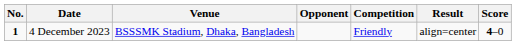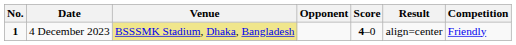 <table class=" wikitable">
 <tr>
 <th>No.</th>
 <th>Date</th>
 <th>Venue</th>
 <th>Opponent</th>
+<th>Score</th>
+<th>Result</th>
 <th>Competition</th>
-<th>Result</th>
-<th>Score</th>
 </tr>
 <tr>
 <td align=center><strong>1</strong></td>
 <td>4 December 2023</td>
-<td><a href='#'>BSSSMK Stadium</a>, <a href='#'>Dhaka</a>, <a href='#'>Bangladesh</a></td>
+<td style="background: khaki;"><a href='#'>BSSSMK Stadium</a>, <a href='#'>Dhaka</a>, <a href='#'>Bangladesh</a></td>
 <td></td>
+<td align=center><strong>4</strong>–0</td>
+<td>align=center </td>
 <td><a href='#'>Friendly</a></td>
-<td>align=center </td>
-<td align=center><strong>4</strong>–0</td>
 </tr>
 </table>
